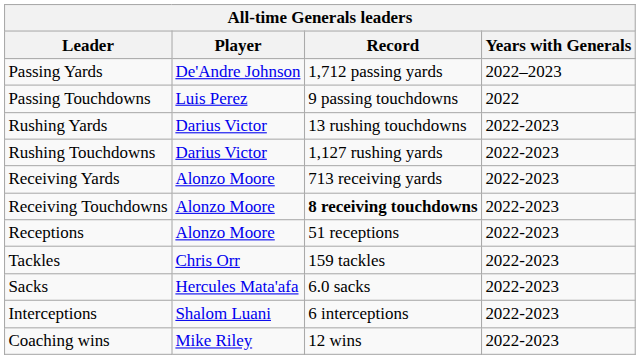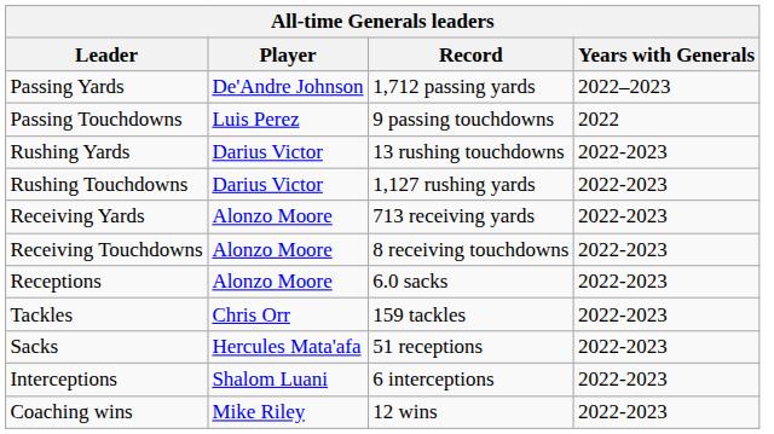 <table class="wikitable">
 <tr>
 <th colspan="5">All-time Generals leaders</th>
 </tr>
 <tr>
 <th>Leader</th>
 <th>Player</th>
 <th>Record</th>
 <th>Years with Generals</th>
 </tr>
 <tr>
 <td>Passing Yards</td>
 <td><a href='#'>De'Andre Johnson</a></td>
 <td>1,712 passing yards</td>
 <td>2022–2023</td>
 </tr>
 <tr>
 <td>Passing Touchdowns</td>
 <td><a href='#'>Luis Perez</a></td>
 <td>9 passing touchdowns</td>
 <td>2022</td>
 </tr>
 <tr>
 <td>Rushing Yards</td>
 <td><a href='#'>Darius Victor</a></td>
 <td>13 rushing touchdowns</td>
 <td>2022-2023</td>
 </tr>
 <tr>
 <td>Rushing Touchdowns</td>
 <td><a href='#'>Darius Victor</a></td>
 <td>1,127 rushing yards</td>
 <td>2022-2023</td>
 </tr>
 <tr>
 <td>Receiving Yards</td>
 <td><a href='#'>Alonzo Moore</a></td>
 <td>713 receiving yards</td>
 <td>2022-2023</td>
 </tr>
 <tr>
 <td>Receiving Touchdowns</td>
 <td><a href='#'>Alonzo Moore</a></td>
-<td><strong>8 receiving touchdowns</strong></td>
+<td>8 receiving touchdowns</td>
 <td>2022-2023</td>
 </tr>
 <tr>
 <td>Receptions</td>
 <td><a href='#'>Alonzo Moore</a></td>
-<td>51 receptions</td>
+<td>6.0 sacks</td>
 <td>2022-2023</td>
 </tr>
 <tr>
 <td>Tackles</td>
 <td><a href='#'>Chris Orr</a></td>
 <td>159 tackles</td>
 <td>2022-2023</td>
 </tr>
 <tr>
 <td>Sacks</td>
 <td><a href='#'>Hercules Mata'afa</a></td>
-<td>6.0 sacks</td>
+<td>51 receptions</td>
 <td>2022-2023</td>
 </tr>
 <tr>
 <td>Interceptions</td>
 <td><a href='#'>Shalom Luani</a></td>
 <td>6 interceptions</td>
 <td>2022-2023</td>
 </tr>
 <tr>
 <td>Coaching wins</td>
 <td><a href='#'>Mike Riley</a></td>
 <td>12 wins</td>
 <td>2022-2023</td>
 </tr>
 </table>
